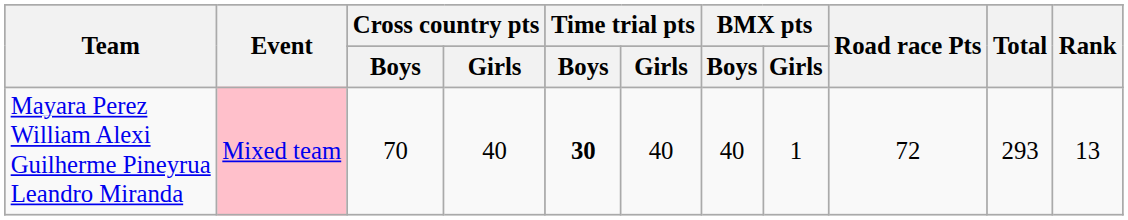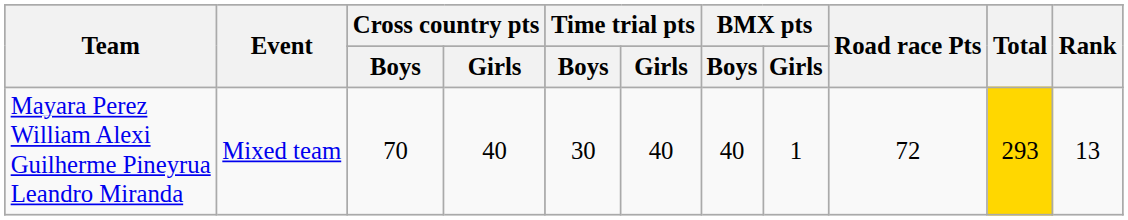 <table class="wikitable" border="1" style="font-size:90%">
 <tr>
 <th rowspan=2>Team</th>
 <th rowspan=2>Event</th>
 <th colspan=2>Cross country pts</th>
 <th colspan=2>Time trial pts</th>
 <th colspan=2>BMX pts</th>
 <th rowspan=2>Road race Pts</th>
 <th rowspan=2>Total</th>
 <th rowspan=2>Rank</th>
 </tr>
 <tr>
 <th>Boys</th>
 <th>Girls</th>
 <th>Boys</th>
 <th>Girls</th>
 <th>Boys</th>
 <th>Girls</th>
 </tr>
 <tr>
 <td><a href='#'>Mayara Perez</a><br><a href='#'>William Alexi</a><br><a href='#'>Guilherme Pineyrua</a><br><a href='#'>Leandro Miranda</a></td>
-<td style="background: pink;"><a href='#'>Mixed team</a></td>
+<td><a href='#'>Mixed team</a></td>
 <td align=center>70</td>
 <td align=center>40</td>
-<td align=center><strong>30</strong></td>
+<td align=center>30</td>
 <td align=center>40</td>
 <td align=center>40</td>
 <td align=center>1</td>
 <td align=center>72</td>
-<td align=center>293</td>
+<td align=center style="background: gold;">293</td>
 <td align=center>13</td>
 </tr>
 </table>
